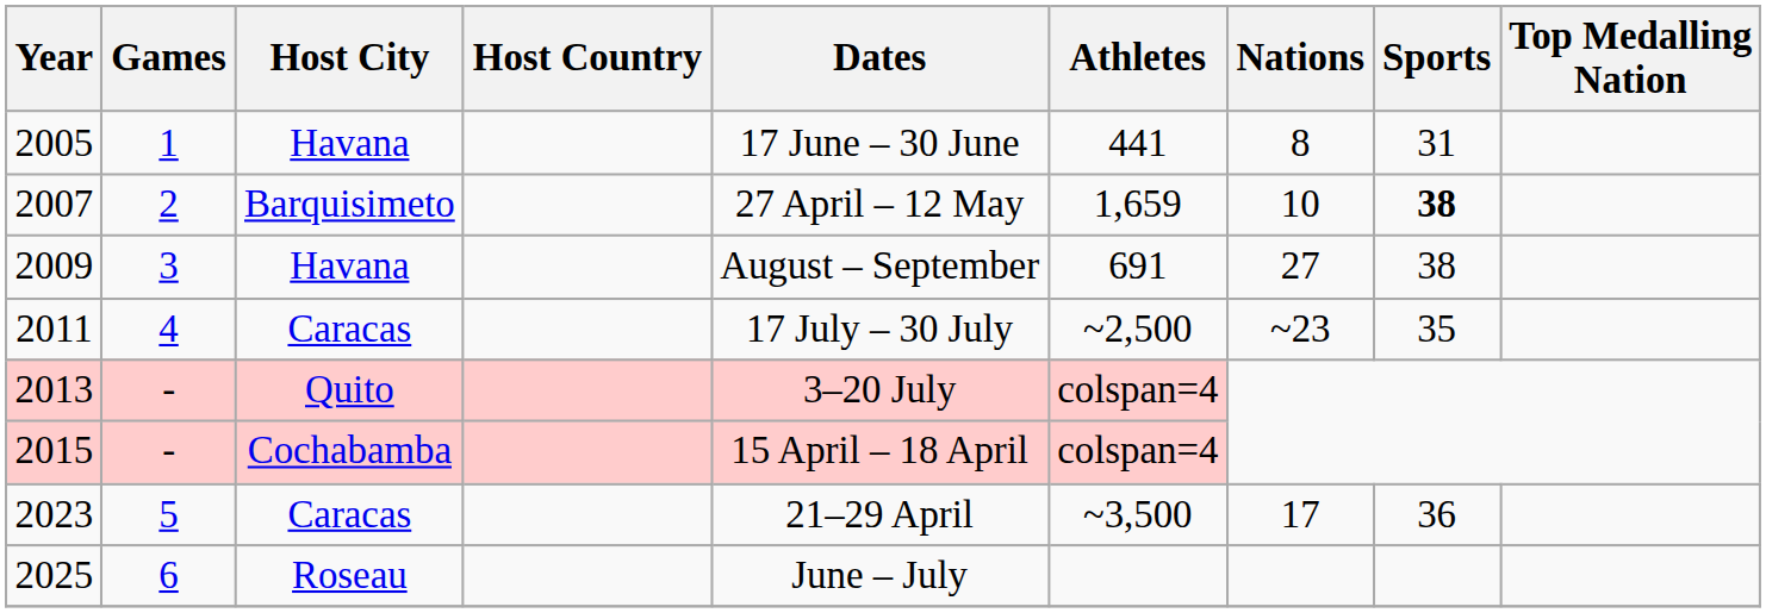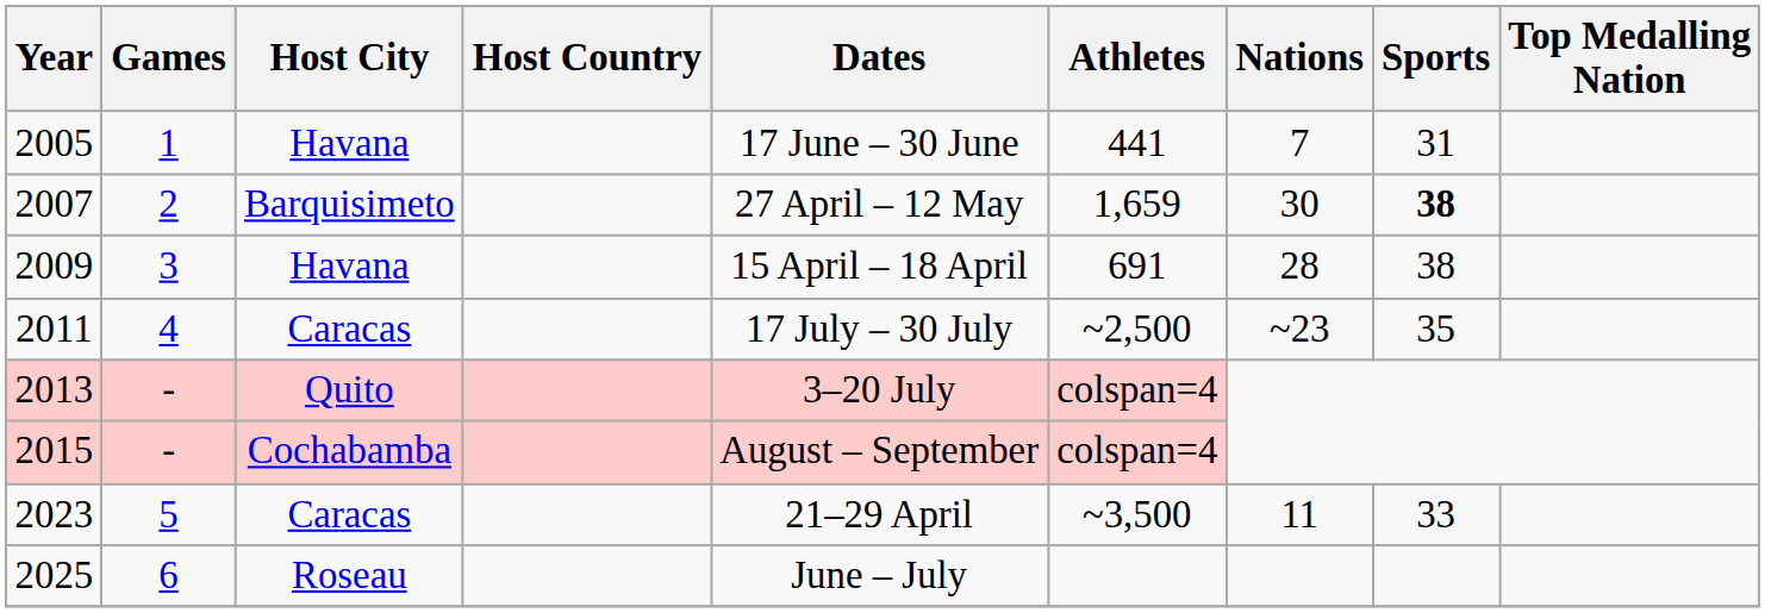 <table class="wikitable" style="text-align:center">
 <tr>
 <th>Year</th>
 <th>Games</th>
 <th>Host City</th>
 <th>Host Country</th>
 <th>Dates</th>
 <th>Athletes</th>
 <th>Nations</th>
 <th>Sports</th>
 <th>Top Medalling<br>Nation</th>
 </tr>
 <tr>
 <td>2005</td>
 <td><a href='#'>1</a></td>
 <td><a href='#'>Havana</a></td>
 <td align="left"></td>
 <td>17 June – 30 June</td>
 <td>441</td>
-<td>8</td>
+<td>7</td>
 <td>31</td>
 <td align="left"></td>
 </tr>
 <tr>
 <td>2007</td>
 <td><a href='#'>2</a></td>
 <td><a href='#'>Barquisimeto</a></td>
 <td align="left"></td>
 <td>27 April – 12 May</td>
 <td>1,659</td>
-<td>10</td>
+<td>30</td>
 <td><strong>38</strong></td>
 <td align="left"></td>
 </tr>
 <tr>
 <td>2009</td>
 <td><a href='#'>3</a></td>
 <td><a href='#'>Havana</a></td>
 <td align="left"></td>
-<td>August – September</td>
+<td>15 April – 18 April</td>
 <td>691</td>
-<td>27</td>
+<td>28</td>
 <td>38</td>
 <td align="left"></td>
 </tr>
 <tr>
 <td>2011</td>
 <td><a href='#'>4</a></td>
 <td><a href='#'>Caracas</a></td>
 <td align="left"></td>
 <td>17 July – 30 July</td>
 <td>~2,500</td>
 <td>~23</td>
 <td>35</td>
 <td align="left"></td>
 </tr>
 <tr bgcolor=#FFCCCC>
 <td>2013</td>
 <td>-</td>
 <td><a href='#'>Quito</a></td>
 <td align="left"></td>
 <td>3–20 July</td>
 <td>colspan=4 </td>
 </tr>
 <tr bgcolor=#FFCCCC>
 <td>2015</td>
 <td>-</td>
 <td><a href='#'>Cochabamba</a></td>
 <td align="left"></td>
-<td>15 April – 18 April</td>
+<td>August – September</td>
 <td>colspan=4 </td>
 </tr>
 <tr>
 <td>2023</td>
 <td><a href='#'>5</a></td>
 <td><a href='#'>Caracas</a></td>
 <td align="left"></td>
 <td>21–29 April</td>
 <td>~3,500</td>
-<td>17</td>
-<td>36</td>
+<td>11</td>
+<td>33</td>
 <td align="left"></td>
 </tr>
 <tr>
 <td>2025</td>
 <td><a href='#'>6</a></td>
 <td><a href='#'>Roseau</a></td>
 <td></td>
 <td>June – July</td>
 <td></td>
 <td></td>
 <td></td>
 <td></td>
 </tr>
 <tr>
 </tr>
 </table>
